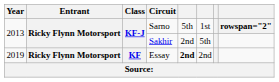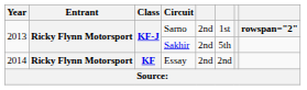 <table class="wikitable" style="text-align:center; font-size:85%">
 <tr>
 <th>Year</th>
 <th>Entrant</th>
 <th>Class</th>
 <th>Circuit</th>
 <th></th>
 <th></th>
 <th></th>
 <th></th>
 </tr>
 <tr>
 <td rowspan="2">2013</td>
 <th nowrap rowspan="2">Ricky Flynn Motorsport</th>
 <th rowspan="2"><a href='#'>KF-J</a></th>
 <td nowrap align=left> Sarno</td>
-<td>5th</td>
+<td>2nd</td>
 <td>1st</td>
 <th></th>
 <th>rowspan="2" </th>
 </tr>
 <tr>
 <td nowrap align=left> <a href='#'>Sakhir</a></td>
 <td>2nd</td>
 <td>5th</td>
 <th></th>
 </tr>
 <tr>
-<td>2019</td>
+<td>2014</td>
 <th nowrap>Ricky Flynn Motorsport</th>
 <th><a href='#'>KF</a></th>
 <td nowrap align=left> Essay</td>
-<td><strong>2nd</strong></td>
+<td>2nd</td>
 <td>2nd</td>
 <th></th>
 <td></td>
 </tr>
 <tr>
 <th colspan="100">Source:</th>
 </tr>
 </table>
